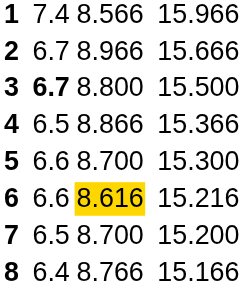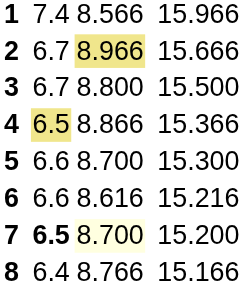 <table>
 <tr>
 <th scope=row style="text-align:center">1</th>
 <td align=left></td>
 <td>7.4</td>
 <td>8.566</td>
 <td></td>
 <td>15.966</td>
 </tr>
 <tr>
 <th scope=row style="text-align:center">2</th>
 <td align=left></td>
 <td>6.7</td>
-<td>8.966</td>
+<td style="background: khaki;">8.966</td>
 <td></td>
 <td>15.666</td>
 </tr>
 <tr>
 <th scope=row style="text-align:center">3</th>
 <td align=left></td>
-<td><strong>6.7</strong></td>
+<td>6.7</td>
 <td>8.800</td>
 <td></td>
 <td>15.500</td>
 </tr>
 <tr>
 <th scope=row style="text-align:center">4</th>
 <td align=left></td>
-<td>6.5</td>
+<td style="background: khaki;">6.5</td>
 <td>8.866</td>
 <td></td>
 <td>15.366</td>
 </tr>
 <tr>
 <th scope=row style="text-align:center">5</th>
 <td align=left></td>
 <td>6.6</td>
 <td>8.700</td>
 <td></td>
 <td>15.300</td>
 </tr>
 <tr>
 <th scope=row style="text-align:center">6</th>
 <td align=left></td>
 <td>6.6</td>
-<td style="background: gold;">8.616</td>
+<td>8.616</td>
 <td></td>
 <td>15.216</td>
 </tr>
 <tr>
 <th scope=row style="text-align:center">7</th>
 <td align=left></td>
-<td>6.5</td>
-<td>8.700</td>
+<td><strong>6.5</strong></td>
+<td style="background: lightyellow;">8.700</td>
 <td></td>
 <td>15.200</td>
 </tr>
 <tr>
 <th scope=row style="text-align:center">8</th>
 <td align=left></td>
 <td>6.4</td>
 <td>8.766</td>
 <td></td>
 <td>15.166</td>
 </tr>
 <tr>
 </tr>
 </table>
